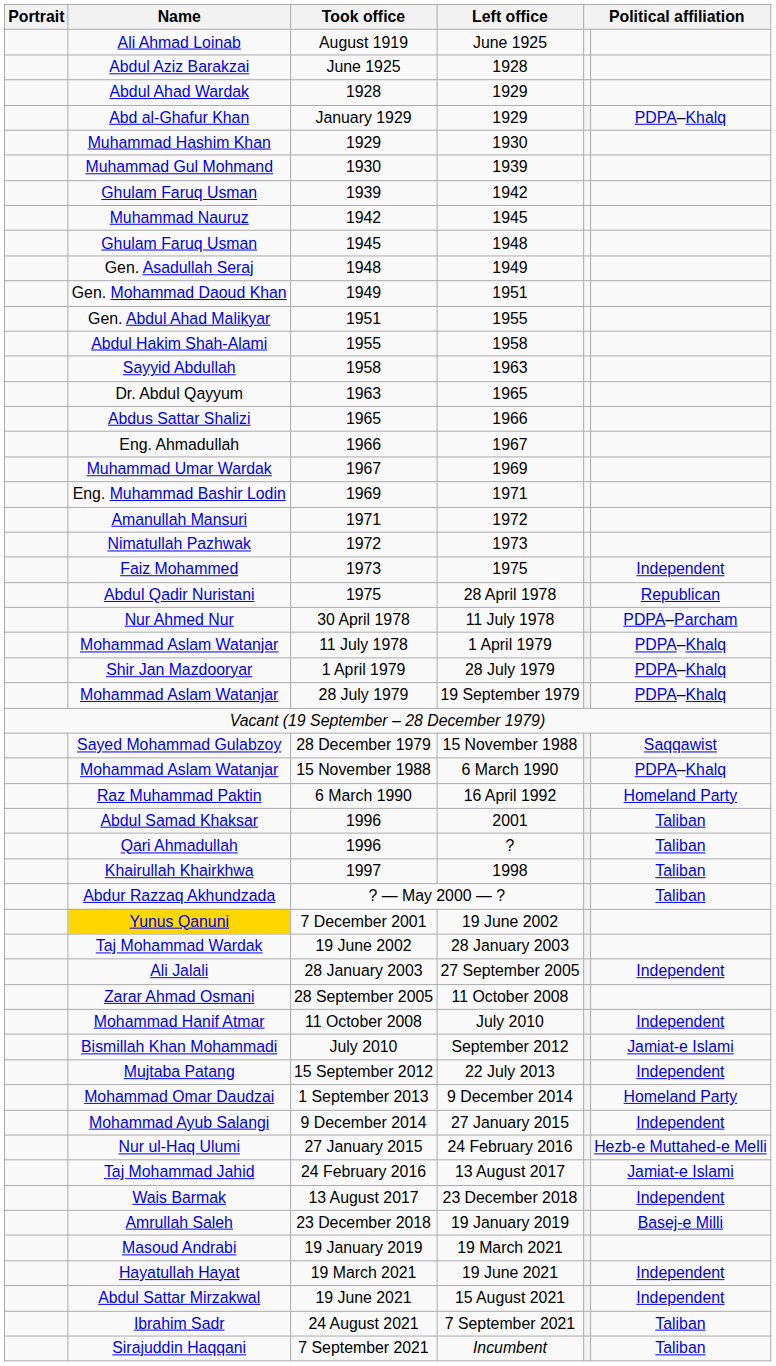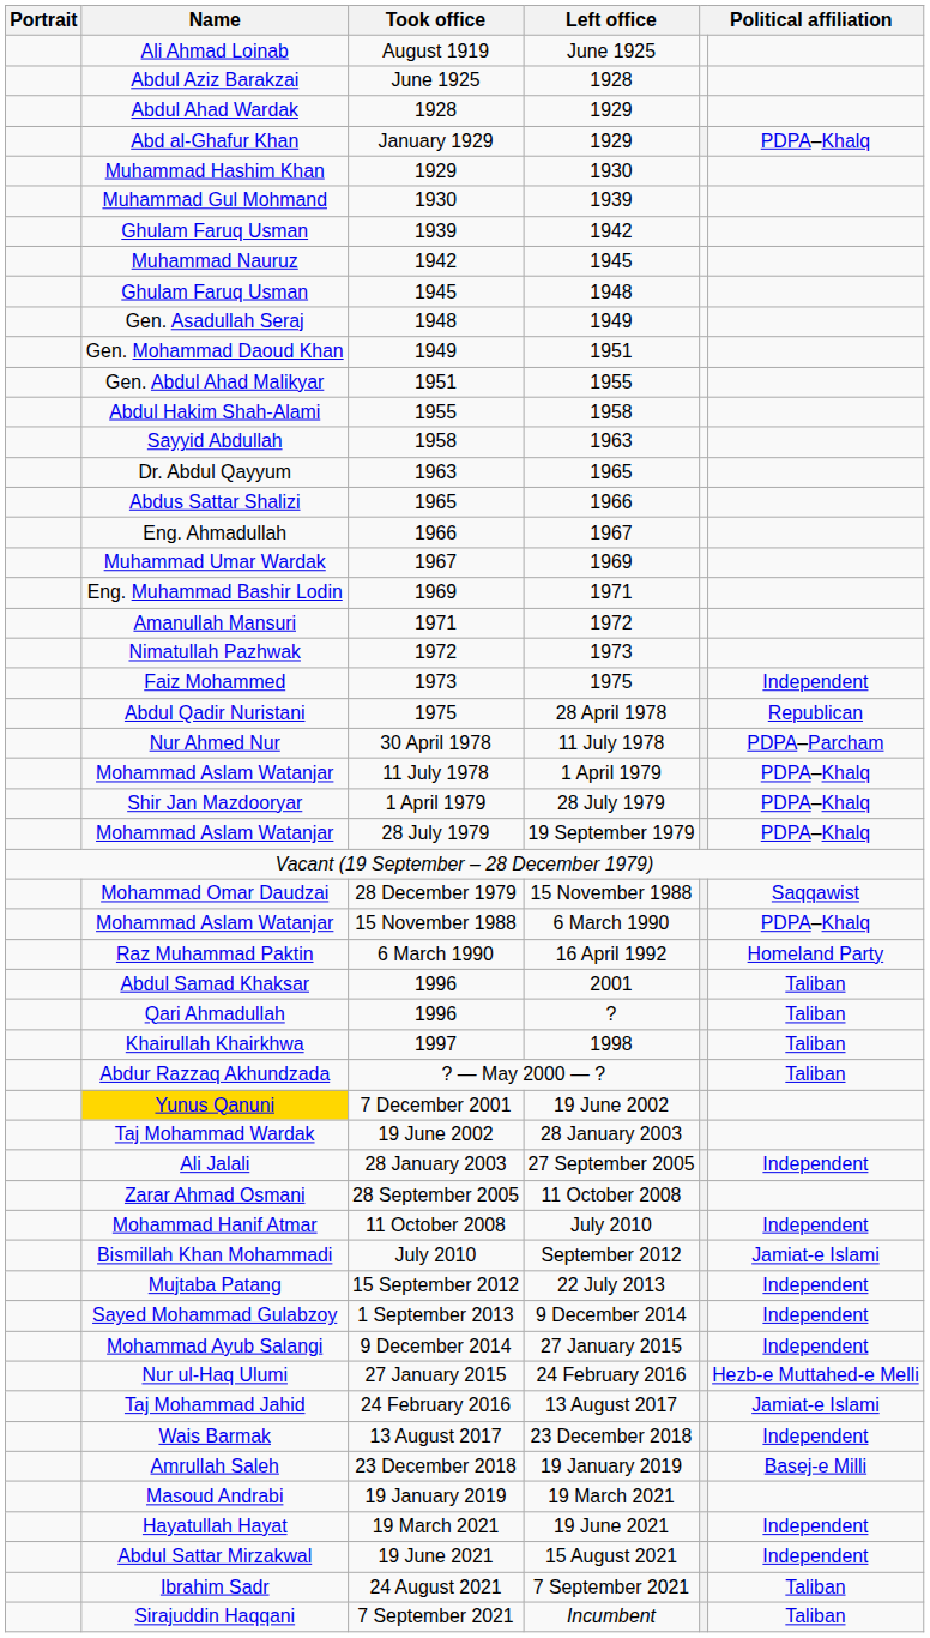 <table class="wikitable sortable" style="text-align:center">
 <tr>
 <th>Portrait</th>
 <th>Name</th>
 <th>Took office</th>
 <th>Left office</th>
 <th colspan="2">Political affiliation</th>
 </tr>
 <tr>
 <td></td>
 <td><a href='#'>Ali Ahmad Loinab</a></td>
 <td>August 1919</td>
 <td>June 1925</td>
 <td></td>
 <td></td>
 </tr>
 <tr>
 <td></td>
 <td><a href='#'>Abdul Aziz Barakzai</a></td>
 <td>June 1925</td>
 <td>1928</td>
 <td></td>
 <td></td>
 </tr>
 <tr>
 <td></td>
 <td><a href='#'>Abdul Ahad Wardak</a></td>
 <td>1928</td>
 <td>1929</td>
 <td></td>
 <td></td>
 </tr>
 <tr>
 <td></td>
 <td><a href='#'>Abd al-Ghafur Khan</a></td>
 <td>January 1929</td>
 <td>1929</td>
 <th style="background:"></th>
 <td><a href='#'>PDPA</a>–<a href='#'>Khalq</a></td>
 </tr>
 <tr>
 <td></td>
 <td><a href='#'>Muhammad Hashim Khan</a></td>
 <td>1929</td>
 <td>1930</td>
 <td></td>
 <td></td>
 </tr>
 <tr>
 <td></td>
 <td><a href='#'>Muhammad Gul Mohmand</a></td>
 <td>1930</td>
 <td>1939</td>
 <td></td>
 <td></td>
 </tr>
 <tr>
 <td></td>
 <td><a href='#'>Ghulam Faruq Usman</a></td>
 <td>1939</td>
 <td>1942</td>
 <td></td>
 <td></td>
 </tr>
 <tr>
 <td></td>
 <td><a href='#'>Muhammad Nauruz</a></td>
 <td>1942</td>
 <td>1945</td>
 <td></td>
 <td></td>
 </tr>
 <tr>
 <td></td>
 <td><a href='#'>Ghulam Faruq Usman</a></td>
 <td>1945</td>
 <td>1948</td>
 <td></td>
 <td></td>
 </tr>
 <tr>
 <td></td>
 <td>Gen. <a href='#'>Asadullah Seraj</a></td>
 <td>1948</td>
 <td>1949</td>
 <td></td>
 <td></td>
 </tr>
 <tr>
 <td></td>
 <td>Gen. <a href='#'>Mohammad Daoud Khan</a></td>
 <td>1949</td>
 <td>1951</td>
 <td></td>
 <td></td>
 </tr>
 <tr>
 <td></td>
 <td>Gen. <a href='#'>Abdul Ahad Malikyar</a></td>
 <td>1951</td>
 <td>1955</td>
 <td></td>
 <td></td>
 </tr>
 <tr>
 <td></td>
 <td><a href='#'>Abdul Hakim Shah-Alami</a></td>
 <td>1955</td>
 <td>1958</td>
 <td></td>
 <td></td>
 </tr>
 <tr>
 <td></td>
 <td><a href='#'>Sayyid Abdullah</a></td>
 <td>1958</td>
 <td>1963</td>
 <td></td>
 <td></td>
 </tr>
 <tr>
 <td></td>
 <td>Dr. Abdul Qayyum</td>
 <td>1963</td>
 <td>1965</td>
 <td></td>
 <td></td>
 </tr>
 <tr>
 <td></td>
 <td><a href='#'>Abdus Sattar Shalizi</a></td>
 <td>1965</td>
 <td>1966</td>
 <td></td>
 <td></td>
 </tr>
 <tr>
 <td></td>
 <td>Eng. Ahmadullah</td>
 <td>1966</td>
 <td>1967</td>
 <td></td>
 <td></td>
 </tr>
 <tr>
 <td></td>
 <td><a href='#'>Muhammad Umar Wardak</a></td>
 <td>1967</td>
 <td>1969</td>
 <td></td>
 <td></td>
 </tr>
 <tr>
 <td></td>
 <td>Eng. <a href='#'>Muhammad Bashir Lodin</a></td>
 <td>1969</td>
 <td>1971</td>
 <td></td>
 <td></td>
 </tr>
 <tr>
 <td></td>
 <td><a href='#'>Amanullah Mansuri</a></td>
 <td>1971</td>
 <td>1972</td>
 <td></td>
 <td></td>
 </tr>
 <tr>
 <td></td>
 <td><a href='#'>Nimatullah Pazhwak</a></td>
 <td>1972</td>
 <td>1973</td>
 <td></td>
 <td></td>
 </tr>
 <tr>
 <td></td>
 <td><a href='#'>Faiz Mohammed</a></td>
 <td>1973</td>
 <td>1975</td>
 <th style="background:"></th>
 <td><a href='#'>Independent</a></td>
 </tr>
 <tr>
 <td></td>
 <td><a href='#'>Abdul Qadir Nuristani</a></td>
 <td>1975</td>
 <td>28 April 1978</td>
 <th style="background:"></th>
 <td><a href='#'>Republican</a></td>
 </tr>
 <tr>
 <td></td>
 <td><a href='#'>Nur Ahmed Nur</a></td>
 <td>30 April 1978</td>
 <td>11 July 1978</td>
 <th style="background:"></th>
 <td><a href='#'>PDPA</a>–<a href='#'>Parcham</a></td>
 </tr>
 <tr>
 <td></td>
 <td><a href='#'>Mohammad Aslam Watanjar</a></td>
 <td>11 July 1978</td>
 <td>1 April 1979</td>
 <th style="background:"></th>
 <td><a href='#'>PDPA</a>–<a href='#'>Khalq</a></td>
 </tr>
 <tr>
 <td></td>
 <td><a href='#'>Shir Jan Mazdooryar</a></td>
 <td>1 April 1979</td>
 <td>28 July 1979</td>
 <th style="background:"></th>
 <td><a href='#'>PDPA</a>–<a href='#'>Khalq</a></td>
 </tr>
 <tr>
 <td></td>
 <td><a href='#'>Mohammad Aslam Watanjar</a></td>
 <td>28 July 1979</td>
 <td>19 September 1979</td>
 <th style="background:"></th>
 <td><a href='#'>PDPA</a>–<a href='#'>Khalq</a></td>
 </tr>
 <tr>
 <td colspan=6><em>Vacant (19 September – 28 December 1979)</em></td>
 </tr>
 <tr>
 <td></td>
-<td><a href='#'>Sayed Mohammad Gulabzoy</a></td>
+<td><a href='#'>Mohammad Omar Daudzai</a></td>
 <td>28 December 1979</td>
 <td>15 November 1988</td>
 <th style="background:"></th>
 <td><a href='#'>Saqqawist</a></td>
 </tr>
 <tr>
 <td></td>
 <td><a href='#'>Mohammad Aslam Watanjar</a></td>
 <td>15 November 1988</td>
 <td>6 March 1990</td>
 <th style="background:"></th>
 <td><a href='#'>PDPA</a>–<a href='#'>Khalq</a></td>
 </tr>
 <tr>
 <td></td>
 <td><a href='#'>Raz Muhammad Paktin</a></td>
 <td>6 March 1990</td>
 <td>16 April 1992</td>
 <th style="background:"></th>
 <td><a href='#'>Homeland Party</a></td>
 </tr>
 <tr>
 <td></td>
 <td><a href='#'>Abdul Samad Khaksar</a></td>
 <td>1996</td>
 <td>2001</td>
 <th style="background:"></th>
 <td><a href='#'>Taliban</a></td>
 </tr>
 <tr>
 <td></td>
 <td><a href='#'>Qari Ahmadullah</a></td>
 <td>1996</td>
 <td>?</td>
 <th style="background:"></th>
 <td><a href='#'>Taliban</a></td>
 </tr>
 <tr>
 <td></td>
 <td><a href='#'>Khairullah Khairkhwa</a></td>
 <td>1997</td>
 <td>1998</td>
 <th style="background:"></th>
 <td><a href='#'>Taliban</a></td>
 </tr>
 <tr>
 <td></td>
 <td><a href='#'>Abdur Razzaq Akhundzada</a></td>
 <td colspan=2>? — May 2000 — ?</td>
 <th style="background:"></th>
 <td><a href='#'>Taliban</a></td>
 </tr>
 <tr>
 <td></td>
 <td style="background: gold;"><a href='#'>Yunus Qanuni</a></td>
 <td>7 December 2001</td>
 <td>19 June 2002</td>
 <th style="background:"></th>
 <td></td>
 </tr>
 <tr>
 <td></td>
 <td><a href='#'>Taj Mohammad Wardak</a></td>
 <td>19 June 2002</td>
 <td>28 January 2003</td>
 <th style="background:"></th>
 <td></td>
 </tr>
 <tr>
 <td></td>
 <td><a href='#'>Ali Jalali</a></td>
 <td>28 January 2003</td>
 <td>27 September 2005</td>
 <th style="background:"></th>
 <td><a href='#'>Independent</a></td>
 </tr>
 <tr>
 <td></td>
 <td><a href='#'>Zarar Ahmad Osmani</a></td>
 <td>28 September 2005</td>
 <td>11 October 2008</td>
 <th style="background:"></th>
 <td></td>
 </tr>
 <tr>
 <td></td>
 <td><a href='#'>Mohammad Hanif Atmar</a></td>
 <td>11 October 2008</td>
 <td>July 2010</td>
 <th style="background:"></th>
 <td><a href='#'>Independent</a></td>
 </tr>
 <tr>
 <td></td>
 <td><a href='#'>Bismillah Khan Mohammadi</a></td>
 <td>July 2010</td>
 <td>September 2012</td>
 <th style="background:"></th>
 <td><a href='#'>Jamiat-e Islami</a></td>
 </tr>
 <tr>
 <td></td>
 <td><a href='#'>Mujtaba Patang</a></td>
 <td>15 September 2012</td>
 <td>22 July 2013</td>
 <th style="background:"></th>
 <td><a href='#'>Independent</a><br><em></em></td>
 </tr>
 <tr>
 <td></td>
-<td><a href='#'>Mohammad Omar Daudzai</a></td>
+<td><a href='#'>Sayed Mohammad Gulabzoy</a></td>
 <td>1 September 2013</td>
 <td>9 December 2014</td>
 <th style="background:"></th>
-<td><a href='#'>Homeland Party</a></td>
+<td><a href='#'>Independent</a></td>
 </tr>
 <tr>
 <td></td>
 <td><a href='#'>Mohammad Ayub Salangi</a><br></td>
 <td>9 December 2014</td>
 <td>27 January 2015</td>
 <th style="background:"></th>
 <td><a href='#'>Independent</a><br><em></em></td>
 </tr>
 <tr>
 <td></td>
 <td><a href='#'>Nur ul-Haq Ulumi</a></td>
 <td>27 January 2015</td>
 <td>24 February 2016</td>
 <th style="background:"></th>
 <td><a href='#'>Hezb-e Muttahed-e Melli</a></td>
 </tr>
 <tr>
 <td></td>
 <td><a href='#'>Taj Mohammad Jahid</a></td>
 <td>24 February 2016</td>
 <td>13 August 2017</td>
 <th style="background:"></th>
 <td><a href='#'>Jamiat-e Islami</a></td>
 </tr>
 <tr>
 <td></td>
 <td><a href='#'>Wais Barmak</a></td>
 <td>13 August 2017</td>
 <td>23 December 2018</td>
 <th style="background:"></th>
 <td><a href='#'>Independent</a></td>
 </tr>
 <tr>
 <td></td>
 <td><a href='#'>Amrullah Saleh</a><br></td>
 <td>23 December 2018</td>
 <td>19 January 2019</td>
 <th style="background:"></th>
 <td><a href='#'>Basej-e Milli</a></td>
 </tr>
 <tr>
 <td></td>
 <td><a href='#'>Masoud Andrabi</a></td>
 <td>19 January 2019</td>
 <td>19 March 2021</td>
 <th style="background:"></th>
 <td></td>
 </tr>
 <tr>
 <td></td>
 <td><a href='#'>Hayatullah Hayat</a><br></td>
 <td>19 March 2021</td>
 <td>19 June 2021</td>
 <th style="background:"></th>
 <td><a href='#'>Independent</a></td>
 </tr>
 <tr>
 <td></td>
 <td><a href='#'>Abdul Sattar Mirzakwal</a><br></td>
 <td>19 June 2021</td>
 <td>15 August 2021</td>
 <th style="background:"></th>
 <td><a href='#'>Independent</a><br><em></em></td>
 </tr>
 <tr>
 <td></td>
 <td><a href='#'>Ibrahim Sadr</a><br></td>
 <td>24 August 2021</td>
 <td>7 September 2021</td>
 <th style="background:"></th>
 <td><a href='#'>Taliban</a></td>
 </tr>
 <tr>
 <td></td>
 <td><a href='#'>Sirajuddin Haqqani</a><br></td>
 <td>7 September 2021</td>
 <td><em>Incumbent</em></td>
 <th style="background:"></th>
 <td><a href='#'>Taliban</a><br><em></em></td>
 </tr>
 </table>
